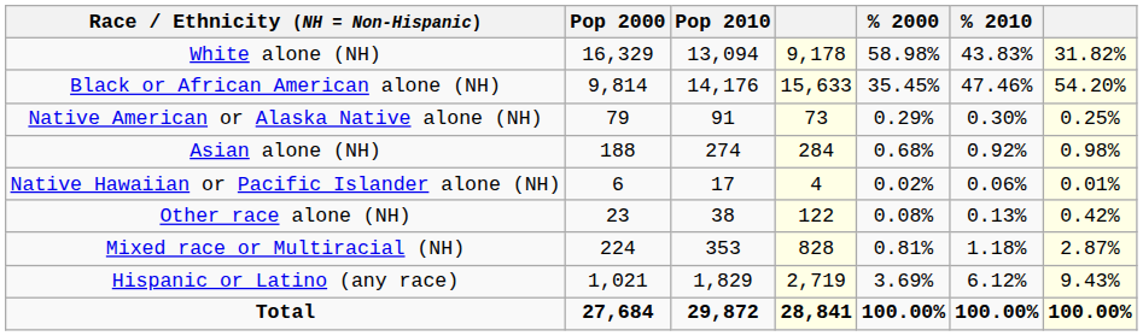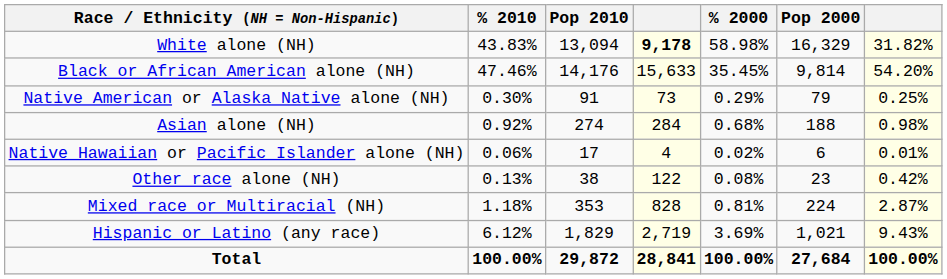 <table class="wikitable" style="text-align:center;">
 <tr>
 <th>Race / Ethnicity <small>(<em>NH = Non-Hispanic</em>)</small></th>
-<th>Pop 2000</th>
+<th>% 2010</th>
 <th>Pop 2010</th>
 <th></th>
 <th>% 2000</th>
-<th>% 2010</th>
+<th>Pop 2000</th>
 <th></th>
 </tr>
 <tr>
 <td><a href='#'>White</a> alone (NH)</td>
+<td>43.83%</td>
+<td>13,094</td>
+<td style='background: #ffffe6;'><strong>9,178</strong></td>
+<td>58.98%</td>
 <td>16,329</td>
-<td>13,094</td>
-<td style='background: #ffffe6;'>9,178</td>
-<td>58.98%</td>
-<td>43.83%</td>
 <td style='background: #ffffe6;'>31.82%</td>
 </tr>
 <tr>
 <td><a href='#'>Black or African American</a> alone (NH)</td>
-<td>9,814</td>
+<td>47.46%</td>
 <td>14,176</td>
 <td style='background: #ffffe6;'>15,633</td>
 <td>35.45%</td>
-<td>47.46%</td>
+<td>9,814</td>
 <td style='background: #ffffe6;'>54.20%</td>
 </tr>
 <tr>
 <td><a href='#'>Native American</a> or <a href='#'>Alaska Native</a> alone (NH)</td>
-<td>79</td>
+<td>0.30%</td>
 <td>91</td>
 <td style='background: #ffffe6;'>73</td>
 <td>0.29%</td>
-<td>0.30%</td>
+<td>79</td>
 <td style='background: #ffffe6;'>0.25%</td>
 </tr>
 <tr>
 <td><a href='#'>Asian</a> alone (NH)</td>
-<td>188</td>
+<td>0.92%</td>
 <td>274</td>
 <td style='background: #ffffe6;'>284</td>
 <td>0.68%</td>
-<td>0.92%</td>
+<td>188</td>
 <td style='background: #ffffe6;'>0.98%</td>
 </tr>
 <tr>
 <td><a href='#'>Native Hawaiian</a> or <a href='#'>Pacific Islander</a> alone (NH)</td>
-<td>6</td>
+<td>0.06%</td>
 <td>17</td>
 <td style='background: #ffffe6;'>4</td>
 <td>0.02%</td>
-<td>0.06%</td>
+<td>6</td>
 <td style='background: #ffffe6;'>0.01%</td>
 </tr>
 <tr>
 <td><a href='#'>Other race</a> alone (NH)</td>
-<td>23</td>
+<td>0.13%</td>
 <td>38</td>
 <td style='background: #ffffe6;'>122</td>
 <td>0.08%</td>
-<td>0.13%</td>
+<td>23</td>
 <td style='background: #ffffe6;'>0.42%</td>
 </tr>
 <tr>
 <td><a href='#'>Mixed race or Multiracial</a> (NH)</td>
-<td>224</td>
+<td>1.18%</td>
 <td>353</td>
 <td style='background: #ffffe6;'>828</td>
 <td>0.81%</td>
-<td>1.18%</td>
+<td>224</td>
 <td style='background: #ffffe6;'>2.87%</td>
 </tr>
 <tr>
 <td><a href='#'>Hispanic or Latino</a> (any race)</td>
-<td>1,021</td>
+<td>6.12%</td>
 <td>1,829</td>
 <td style='background: #ffffe6;'>2,719</td>
 <td>3.69%</td>
-<td>6.12%</td>
+<td>1,021</td>
 <td style='background: #ffffe6;'>9.43%</td>
 </tr>
 <tr>
 <td><strong>Total</strong></td>
-<td><strong>27,684</strong></td>
+<td><strong>100.00%</strong></td>
 <td><strong>29,872</strong></td>
 <td style='background: #ffffe6;'><strong>28,841</strong></td>
 <td><strong>100.00%</strong></td>
-<td><strong>100.00%</strong></td>
+<td><strong>27,684</strong></td>
 <td style='background: #ffffe6;'><strong>100.00%</strong></td>
 </tr>
 </table>
